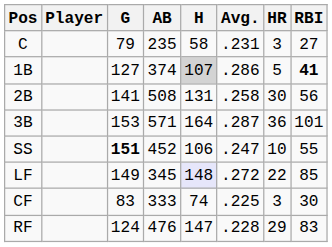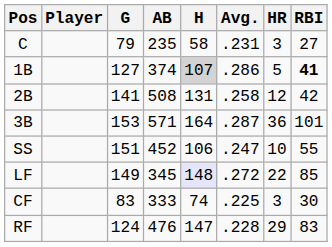 <table class="wikitable sortable">
 <tr>
 <th>Pos</th>
 <th>Player</th>
 <th>G</th>
 <th>AB</th>
 <th>H</th>
 <th>Avg.</th>
 <th>HR</th>
 <th>RBI</th>
 </tr>
 <tr align="center">
 <td>C</td>
 <td></td>
 <td>79</td>
 <td>235</td>
 <td>58</td>
 <td>.231</td>
 <td>3</td>
 <td>27</td>
 </tr>
 <tr align="center">
 <td>1B</td>
 <td></td>
 <td>127</td>
 <td>374</td>
 <td style="background: lightgrey;">107</td>
 <td>.286</td>
 <td>5</td>
 <td><strong>41</strong></td>
 </tr>
 <tr align="center">
 <td>2B</td>
 <td></td>
 <td>141</td>
 <td>508</td>
 <td>131</td>
 <td>.258</td>
-<td>30</td>
-<td>56</td>
+<td>12</td>
+<td>42</td>
 </tr>
 <tr align="center">
 <td>3B</td>
 <td></td>
 <td>153</td>
 <td>571</td>
 <td>164</td>
 <td>.287</td>
 <td>36</td>
 <td>101</td>
 </tr>
 <tr align="center">
 <td>SS</td>
 <td></td>
-<td><strong>151</strong></td>
+<td>151</td>
 <td>452</td>
 <td>106</td>
 <td>.247</td>
 <td>10</td>
 <td>55</td>
 </tr>
 <tr align="center">
 <td>LF</td>
 <td></td>
 <td>149</td>
 <td>345</td>
 <td style="background: lavender;">148</td>
 <td>.272</td>
 <td>22</td>
 <td>85</td>
 </tr>
 <tr align="center">
 <td>CF</td>
 <td></td>
 <td>83</td>
 <td>333</td>
 <td>74</td>
 <td>.225</td>
 <td>3</td>
 <td>30</td>
 </tr>
 <tr align="center">
 <td>RF</td>
 <td></td>
 <td>124</td>
 <td>476</td>
 <td>147</td>
 <td>.228</td>
 <td>29</td>
 <td>83</td>
 </tr>
 </table>
